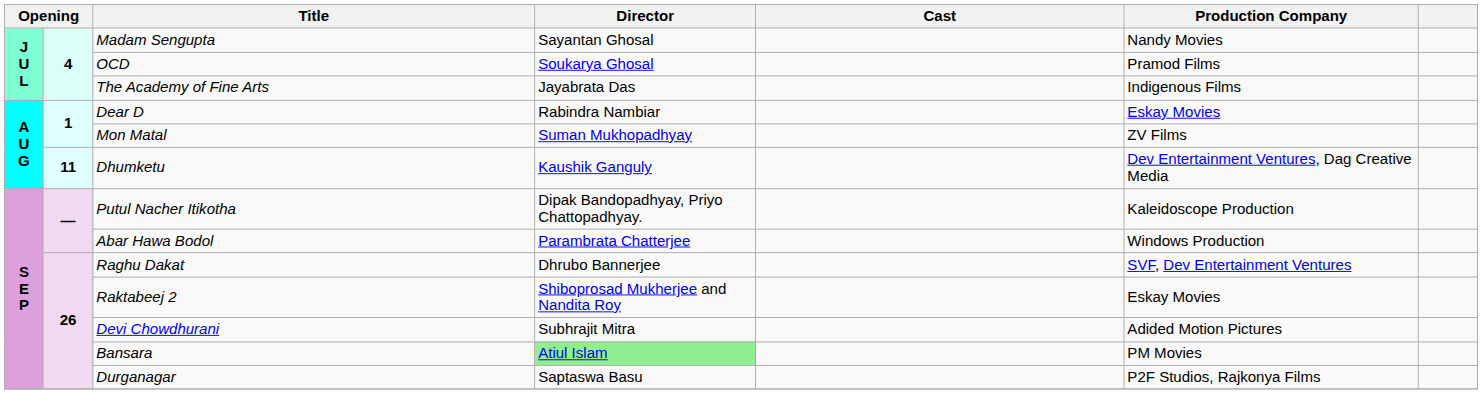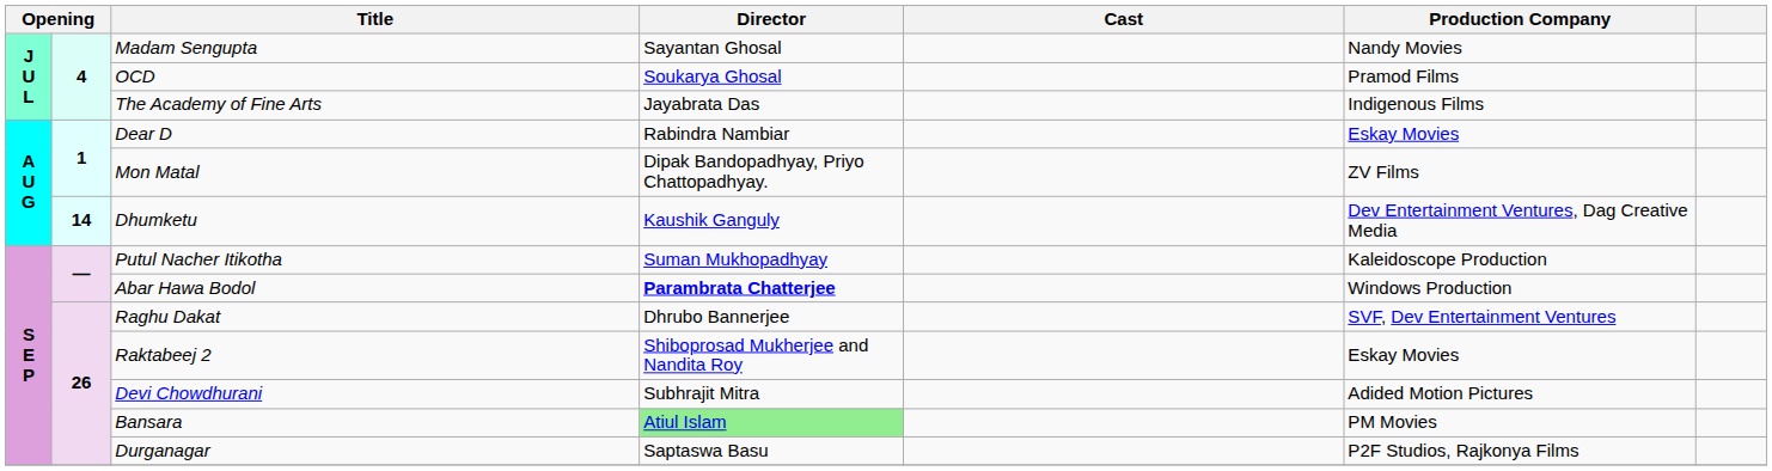 <table class="wikitable sortable">
 <tr>
 <th colspan="2" style="width:6%;"><strong>Opening</strong></th>
 <th style="width:30%;">Title</th>
 <th style="width:15%;">Director</th>
 <th style="width:25%;">Cast</th>
 <th style="width:20%;">Production Company</th>
 <th style="width:4%;"><strong></strong></th>
 </tr>
 <tr>
 <td rowspan="3" style="text-align:center; background:#7FFFD4; textcolor:#000;"><strong>J<br>U<br>L</strong></td>
 <td rowspan="3" style="text-align:center; background:#dbfff8; textcolor:#000;"><strong>4</strong></td>
 <td><em>Madam Sengupta</em></td>
 <td>Sayantan Ghosal</td>
 <td></td>
 <td>Nandy Movies</td>
 <td></td>
 </tr>
 <tr>
 <td><em>OCD </em></td>
 <td><a href='#'>Soukarya Ghosal</a></td>
 <td></td>
 <td>Pramod Films</td>
 <td></td>
 </tr>
 <tr>
 <td><em>The Academy of Fine Arts</em></td>
 <td>Jayabrata Das</td>
 <td></td>
 <td>Indigenous Films</td>
 <td></td>
 </tr>
 <tr>
 <td rowspan="3" style="text-align:center; background:#0ff;"><strong>A<br>U<br>G</strong></td>
 <td rowspan="2" style="text-align:center; background:#e0ffff;"><strong>1</strong></td>
 <td><em>Dear D</em></td>
 <td>Rabindra Nambiar</td>
 <td></td>
 <td><a href='#'>Eskay Movies</a></td>
 <td></td>
 </tr>
 <tr>
 <td><em> Mon Matal </em></td>
-<td><a href='#'>Suman Mukhopadhyay</a></td>
+<td>Dipak Bandopadhyay, Priyo Chattopadhyay.</td>
 <td></td>
 <td>ZV Films</td>
 <td></td>
 </tr>
 <tr>
-<td rowspan="1" style="text-align:center; background:#e0ffff;"><strong>11</strong></td>
+<td rowspan="1" style="text-align:center; background:#e0ffff;"><strong>14</strong></td>
 <td><em>Dhumketu</em></td>
 <td><a href='#'>Kaushik Ganguly</a></td>
 <td></td>
 <td><a href='#'>Dev Entertainment Ventures</a>, Dag Creative Media</td>
 <td></td>
 </tr>
 <tr>
 <td rowspan="7" style="text-align:center; background:plum; textcolor:#010;"><strong>S<br>E<br>P</strong></td>
 <td rowspan="2" style="text-align:center; background:#f1daf1;"><strong>—</strong></td>
 <td><em>Putul Nacher Itikotha</em></td>
-<td>Dipak Bandopadhyay, Priyo Chattopadhyay.</td>
+<td><a href='#'>Suman Mukhopadhyay</a></td>
 <td></td>
 <td>Kaleidoscope Production</td>
 <td></td>
 </tr>
 <tr>
 <td><em>Abar Hawa Bodol</em></td>
-<td><a href='#'>Parambrata Chatterjee</a></td>
+<td><strong><a href='#'>Parambrata Chatterjee</a></strong></td>
 <td></td>
 <td>Windows Production</td>
 <td></td>
 </tr>
 <tr>
 <td rowspan="5" style="text-align:center; background:#f1daf1;"><strong>26</strong></td>
 <td><em>Raghu Dakat</em></td>
 <td>Dhrubo Bannerjee</td>
 <td></td>
 <td><a href='#'>SVF</a>, <a href='#'>Dev Entertainment Ventures</a></td>
 <td></td>
 </tr>
 <tr>
 <td><em>Raktabeej 2</em></td>
 <td><a href='#'>Shiboprosad Mukherjee</a> and <a href='#'>Nandita Roy</a></td>
 <td></td>
 <td>Eskay Movies</td>
 <td></td>
 </tr>
 <tr>
 <td><em><a href='#'>Devi Chowdhurani</a></em></td>
 <td>Subhrajit Mitra</td>
 <td></td>
 <td>Adided Motion Pictures</td>
 <td></td>
 </tr>
 <tr>
 <td><em>Bansara</em></td>
 <td style="background: lightgreen;"><a href='#'>Atiul Islam</a></td>
 <td></td>
 <td>PM Movies</td>
 <td></td>
 </tr>
 <tr>
 <td><em>Durganagar</em></td>
 <td>Saptaswa Basu</td>
 <td></td>
 <td>P2F Studios, Rajkonya Films</td>
 <td></td>
 </tr>
 <tr>
 </tr>
 </table>
